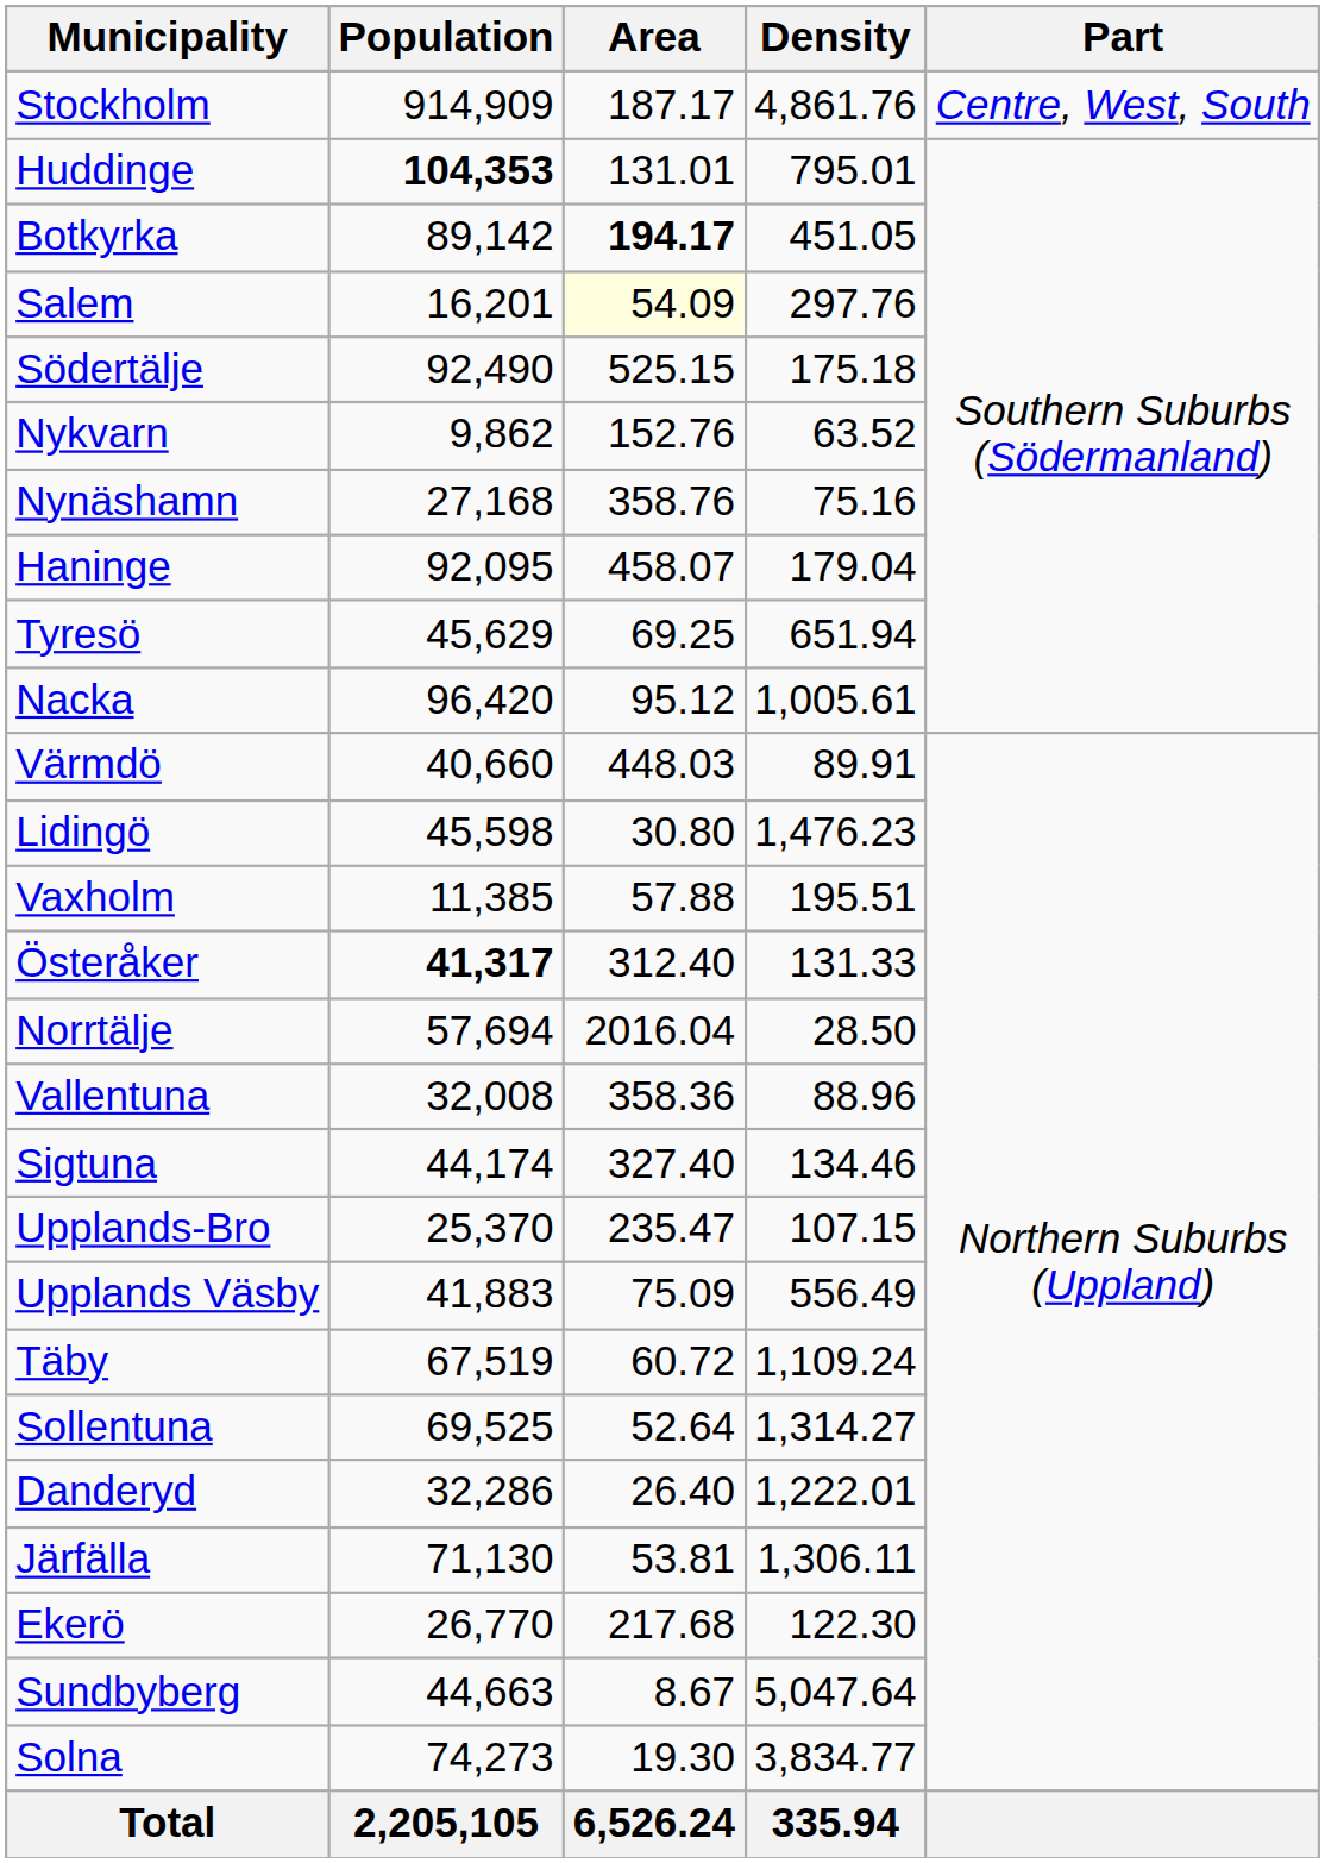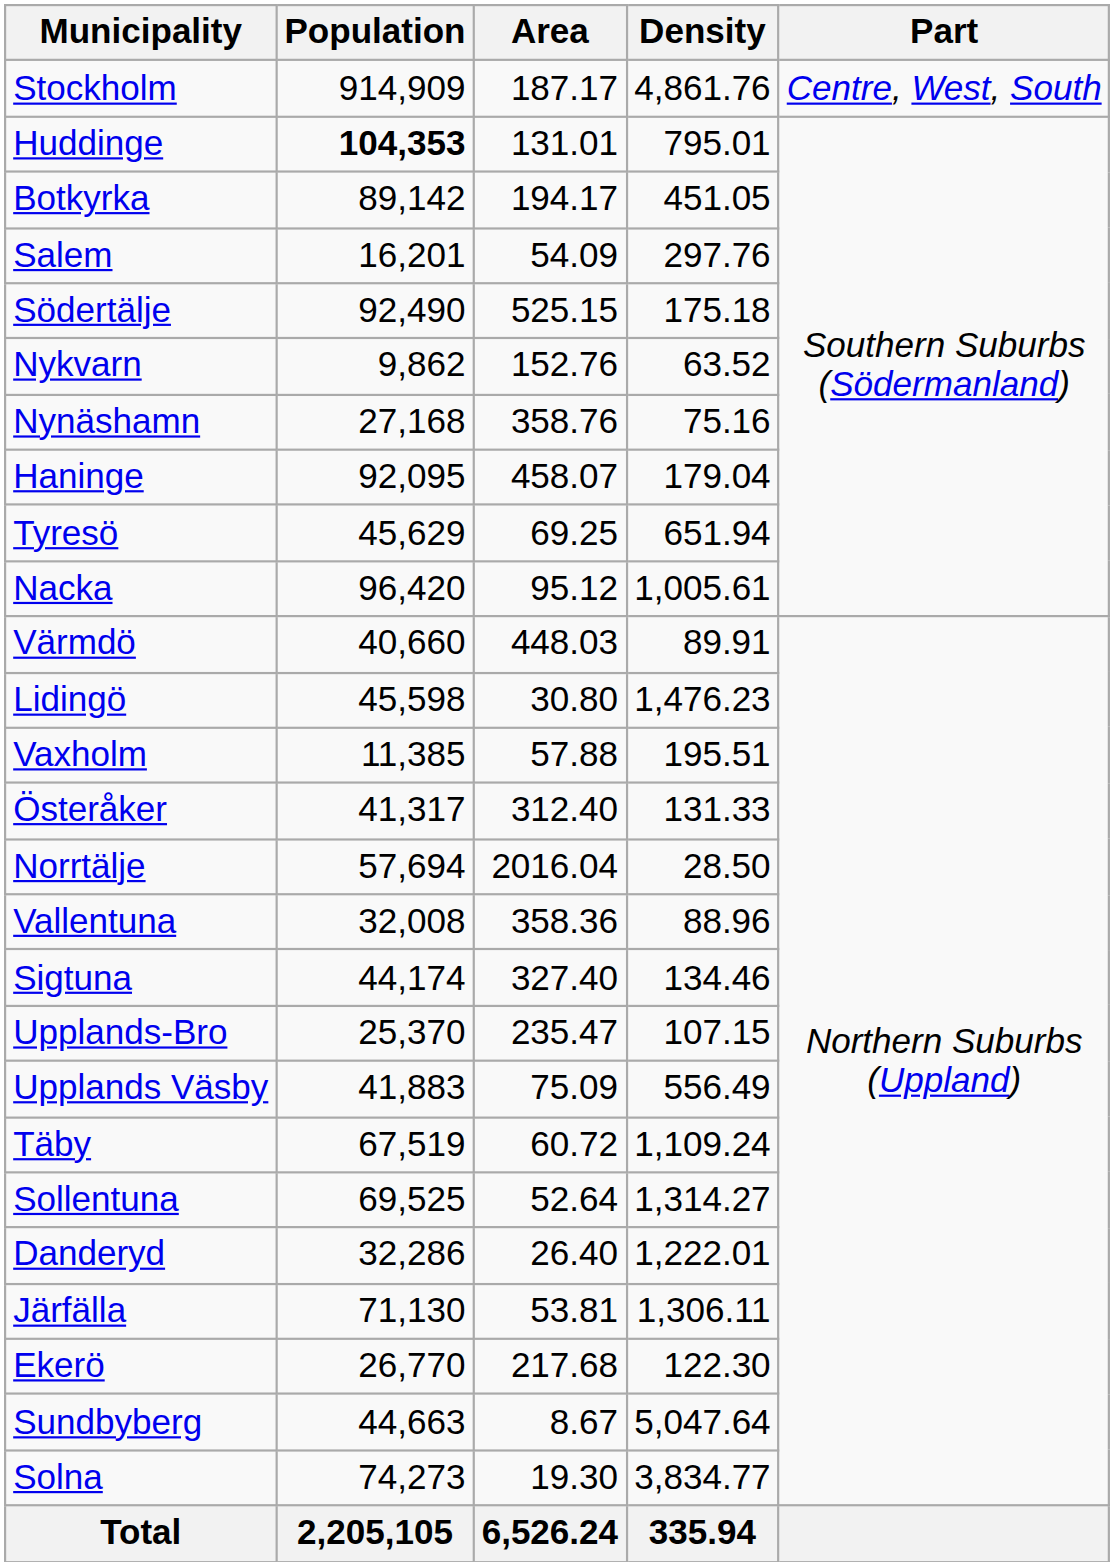 <table class="sortable wikitable" style="text-align:right">
 <tr>
 <th class=unsortable>Municipality</th>
 <th>Population</th>
 <th>Area</th>
 <th>Density</th>
 <th class=unsortable>Part</th>
 </tr>
 <tr>
 <td align=left><a href='#'>Stockholm</a></td>
 <td>914,909</td>
 <td>187.17</td>
 <td>4,861.76</td>
 <td align=center><em><a href='#'>Centre</a>, <a href='#'>West</a>, <a href='#'>South</a></em></td>
 </tr>
 <tr>
 <td align=left><a href='#'>Huddinge</a></td>
 <td><strong>104,353</strong></td>
 <td>131.01</td>
 <td>795.01</td>
 <td align=center rowspan=9><em>Southern Suburbs<br>(<a href='#'>Södermanland</a>)</em></td>
 </tr>
 <tr>
 <td align=left><a href='#'>Botkyrka</a></td>
 <td>89,142</td>
-<td><strong>194.17</strong></td>
+<td>194.17</td>
 <td>451.05</td>
 </tr>
 <tr>
 <td align=left><a href='#'>Salem</a></td>
 <td>16,201</td>
-<td style="background: lightyellow;">54.09</td>
+<td>54.09</td>
 <td>297.76</td>
 </tr>
 <tr>
 <td align=left><a href='#'>Södertälje</a></td>
 <td>92,490</td>
 <td>525.15</td>
 <td>175.18</td>
 </tr>
 <tr>
 <td align=left><a href='#'>Nykvarn</a></td>
 <td>9,862</td>
 <td>152.76</td>
 <td>63.52</td>
 </tr>
 <tr>
 <td align=left><a href='#'>Nynäshamn</a></td>
 <td>27,168</td>
 <td>358.76</td>
 <td>75.16</td>
 </tr>
 <tr>
 <td align=left><a href='#'>Haninge</a></td>
 <td>92,095</td>
 <td>458.07</td>
 <td>179.04</td>
 </tr>
 <tr>
 <td align=left><a href='#'>Tyresö</a></td>
 <td>45,629</td>
 <td>69.25</td>
 <td>651.94</td>
 </tr>
 <tr>
 <td align=left><a href='#'>Nacka</a></td>
 <td>96,420</td>
 <td>95.12</td>
 <td>1,005.61</td>
 </tr>
 <tr>
 <td align=left><a href='#'>Värmdö</a></td>
 <td>40,660</td>
 <td>448.03</td>
 <td>89.91</td>
 <td align=center rowspan=16><em>Northern Suburbs<br>(<a href='#'>Uppland</a>)</em></td>
 </tr>
 <tr>
 <td align=left><a href='#'>Lidingö</a></td>
 <td>45,598</td>
 <td>30.80</td>
 <td>1,476.23</td>
 </tr>
 <tr>
 <td align=left><a href='#'>Vaxholm</a></td>
 <td>11,385</td>
 <td>57.88</td>
 <td>195.51</td>
 </tr>
 <tr>
 <td align=left><a href='#'>Österåker</a></td>
-<td><strong>41,317</strong></td>
+<td>41,317</td>
 <td>312.40</td>
 <td>131.33</td>
 </tr>
 <tr>
 <td align=left><a href='#'>Norrtälje</a></td>
 <td>57,694</td>
 <td>2016.04</td>
 <td>28.50</td>
 </tr>
 <tr>
 <td align=left><a href='#'>Vallentuna</a></td>
 <td>32,008</td>
 <td>358.36</td>
 <td>88.96</td>
 </tr>
 <tr>
 <td align=left><a href='#'>Sigtuna</a></td>
 <td>44,174</td>
 <td>327.40</td>
 <td>134.46</td>
 </tr>
 <tr>
 <td align=left><a href='#'>Upplands-Bro</a></td>
 <td>25,370</td>
 <td>235.47</td>
 <td>107.15</td>
 </tr>
 <tr>
 <td align=left><a href='#'>Upplands Väsby</a></td>
 <td>41,883</td>
 <td>75.09</td>
 <td>556.49</td>
 </tr>
 <tr>
 <td align=left><a href='#'>Täby</a></td>
 <td>67,519</td>
 <td>60.72</td>
 <td>1,109.24</td>
 </tr>
 <tr>
 <td align=left><a href='#'>Sollentuna</a></td>
 <td>69,525</td>
 <td>52.64</td>
 <td>1,314.27</td>
 </tr>
 <tr>
 <td align=left><a href='#'>Danderyd</a></td>
 <td>32,286</td>
 <td>26.40</td>
 <td>1,222.01</td>
 </tr>
 <tr>
 <td align=left><a href='#'>Järfälla</a></td>
 <td>71,130</td>
 <td>53.81</td>
 <td>1,306.11</td>
 </tr>
 <tr>
 <td align=left><a href='#'>Ekerö</a></td>
 <td>26,770</td>
 <td>217.68</td>
 <td>122.30</td>
 </tr>
 <tr>
 <td align=left><a href='#'>Sundbyberg</a></td>
 <td>44,663</td>
 <td>8.67</td>
 <td>5,047.64</td>
 </tr>
 <tr>
 <td align=left><a href='#'>Solna</a></td>
 <td>74,273</td>
 <td>19.30</td>
 <td>3,834.77</td>
 </tr>
 <tr>
 <th>Total</th>
 <th>2,205,105</th>
 <th>6,526.24</th>
 <th>335.94</th>
 <th></th>
 </tr>
 </table>
